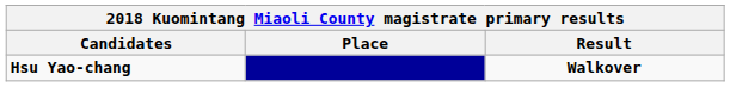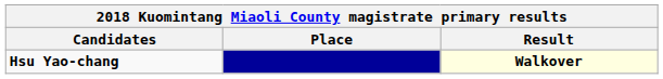 <table class="wikitable collapsible" style="margin: 1em auto;">
 <tr>
 <th colspan="5" width=600>2018 Kuomintang <a href='#'>Miaoli County</a> magistrate primary results</th>
 </tr>
 <tr>
 <th width=80>Candidates</th>
 <th width=80>Place</th>
 <th width=80>Result</th>
 </tr>
 <tr>
 <td><strong>Hsu Yao-chang</strong></td>
 <td style="background: #000099; text-align:center"><strong></strong></td>
-<td style="text-align:center"><strong>Walkover</strong></td>
+<td style="background: lightyellow; text-align:center"><strong>Walkover</strong></td>
 </tr>
 </table>
